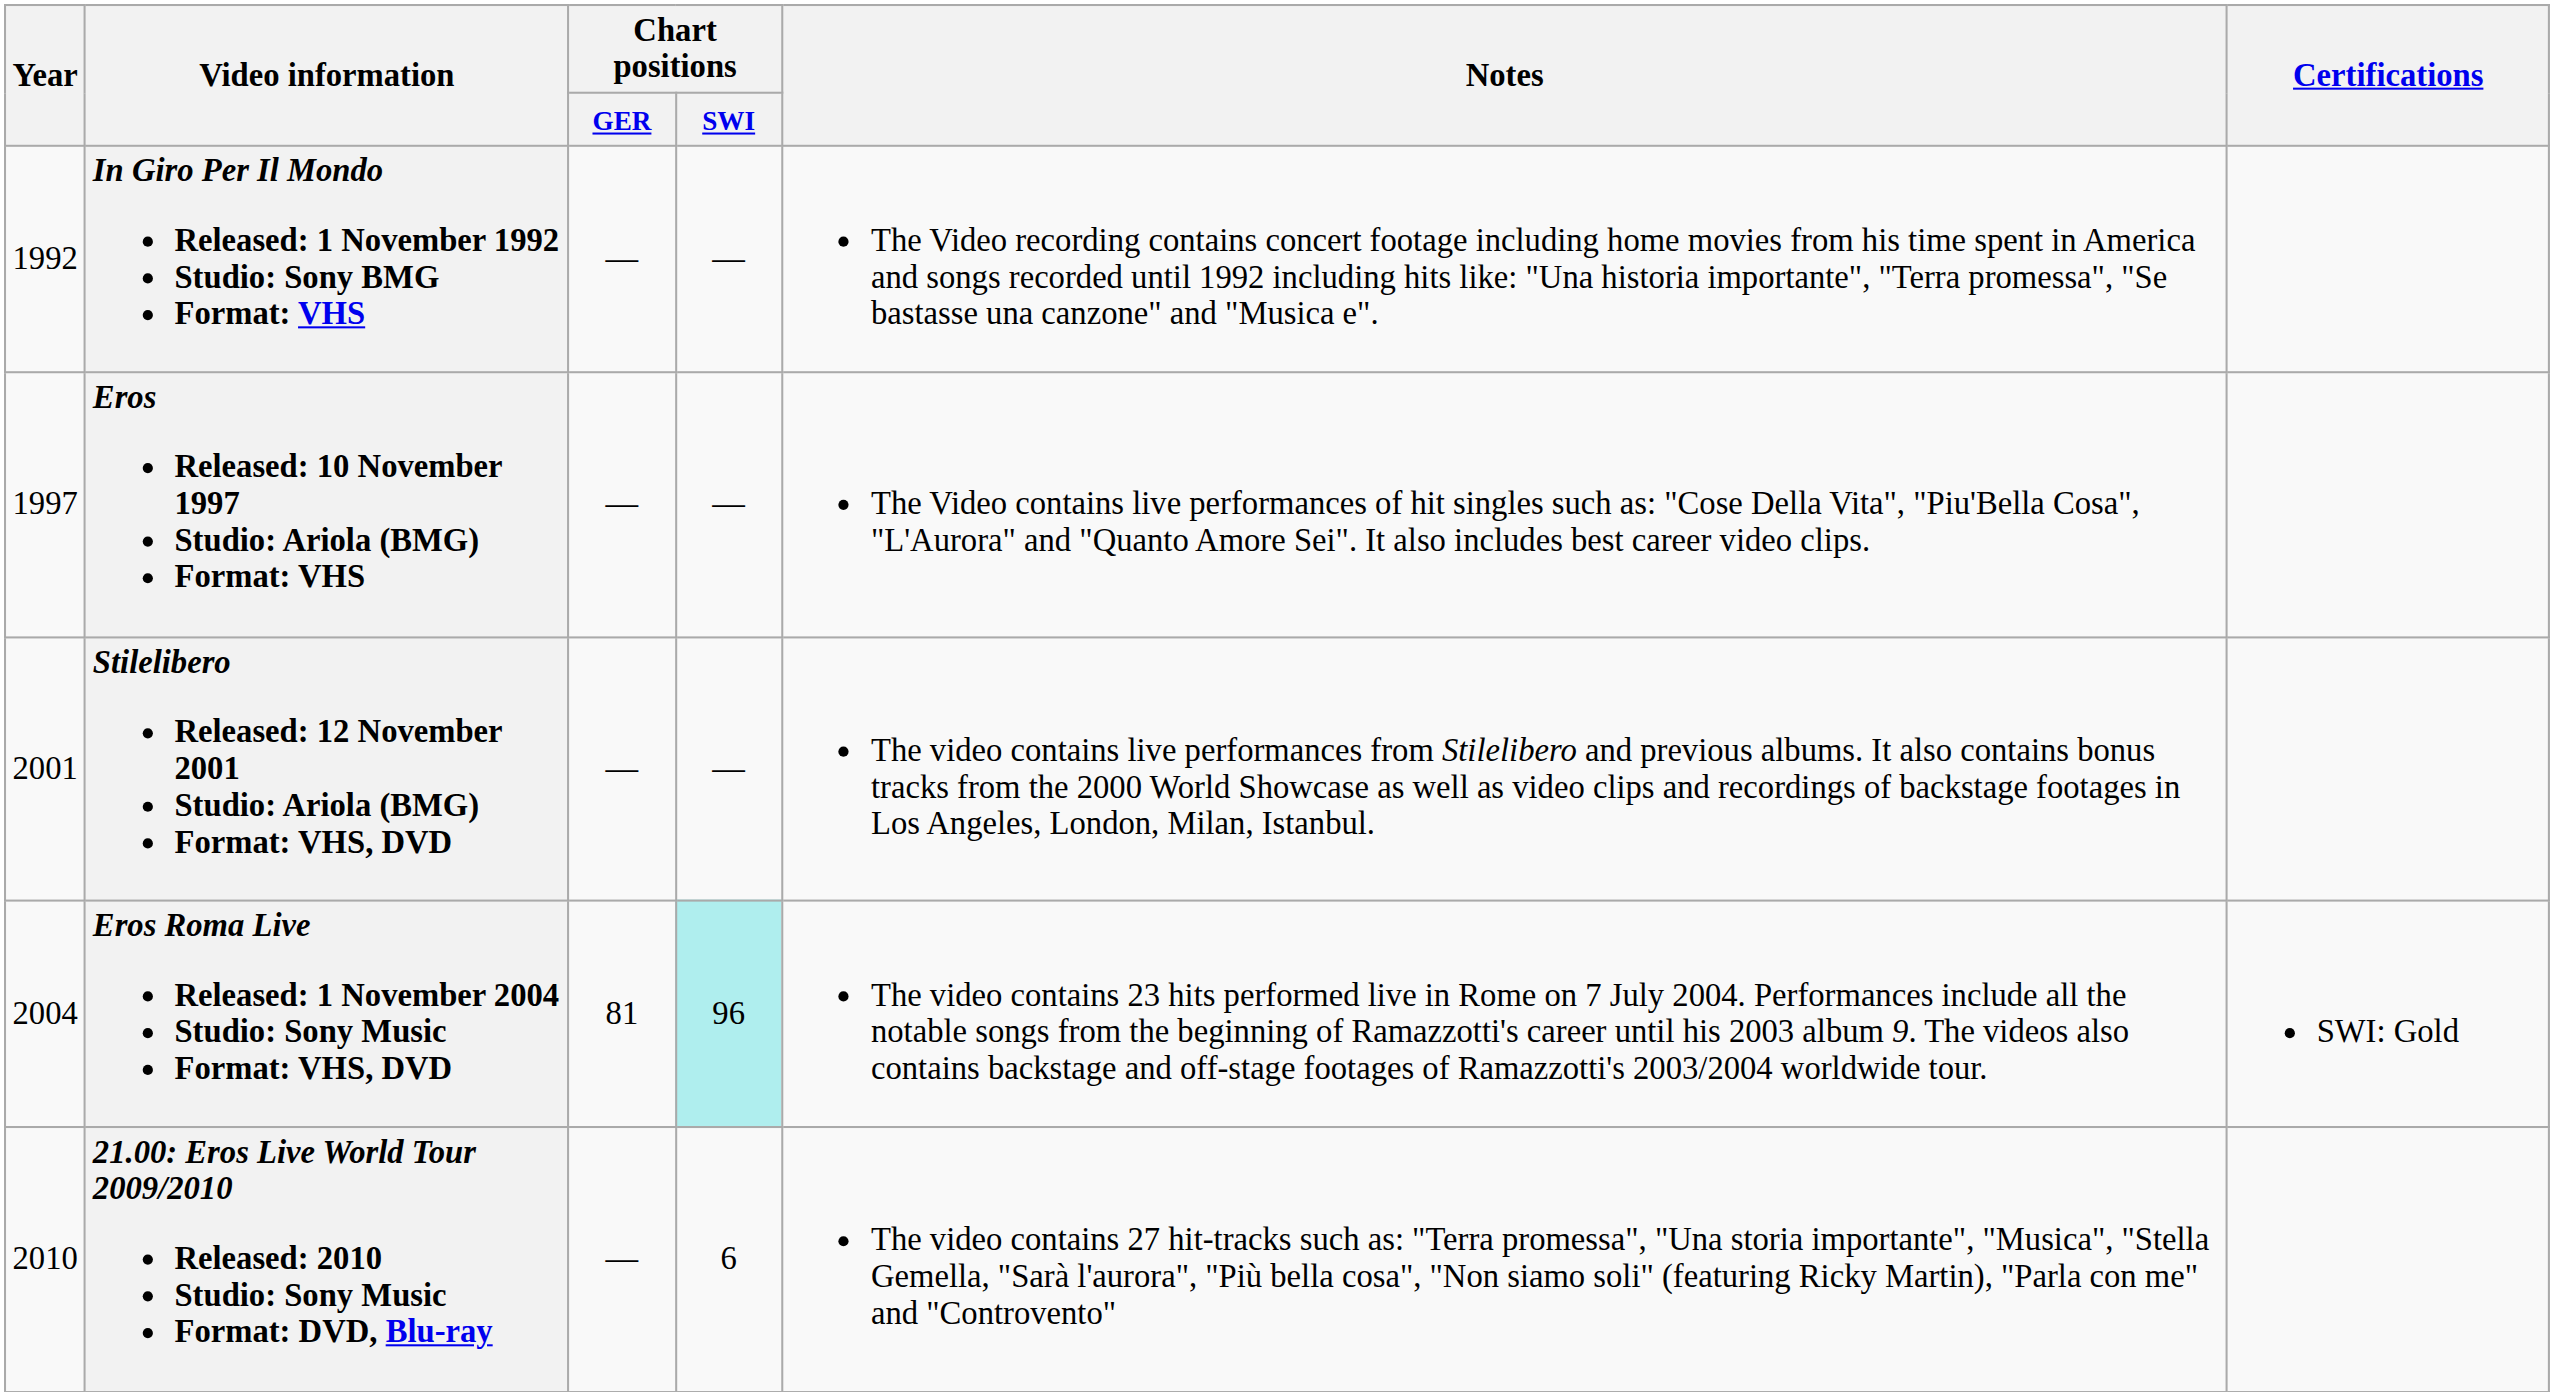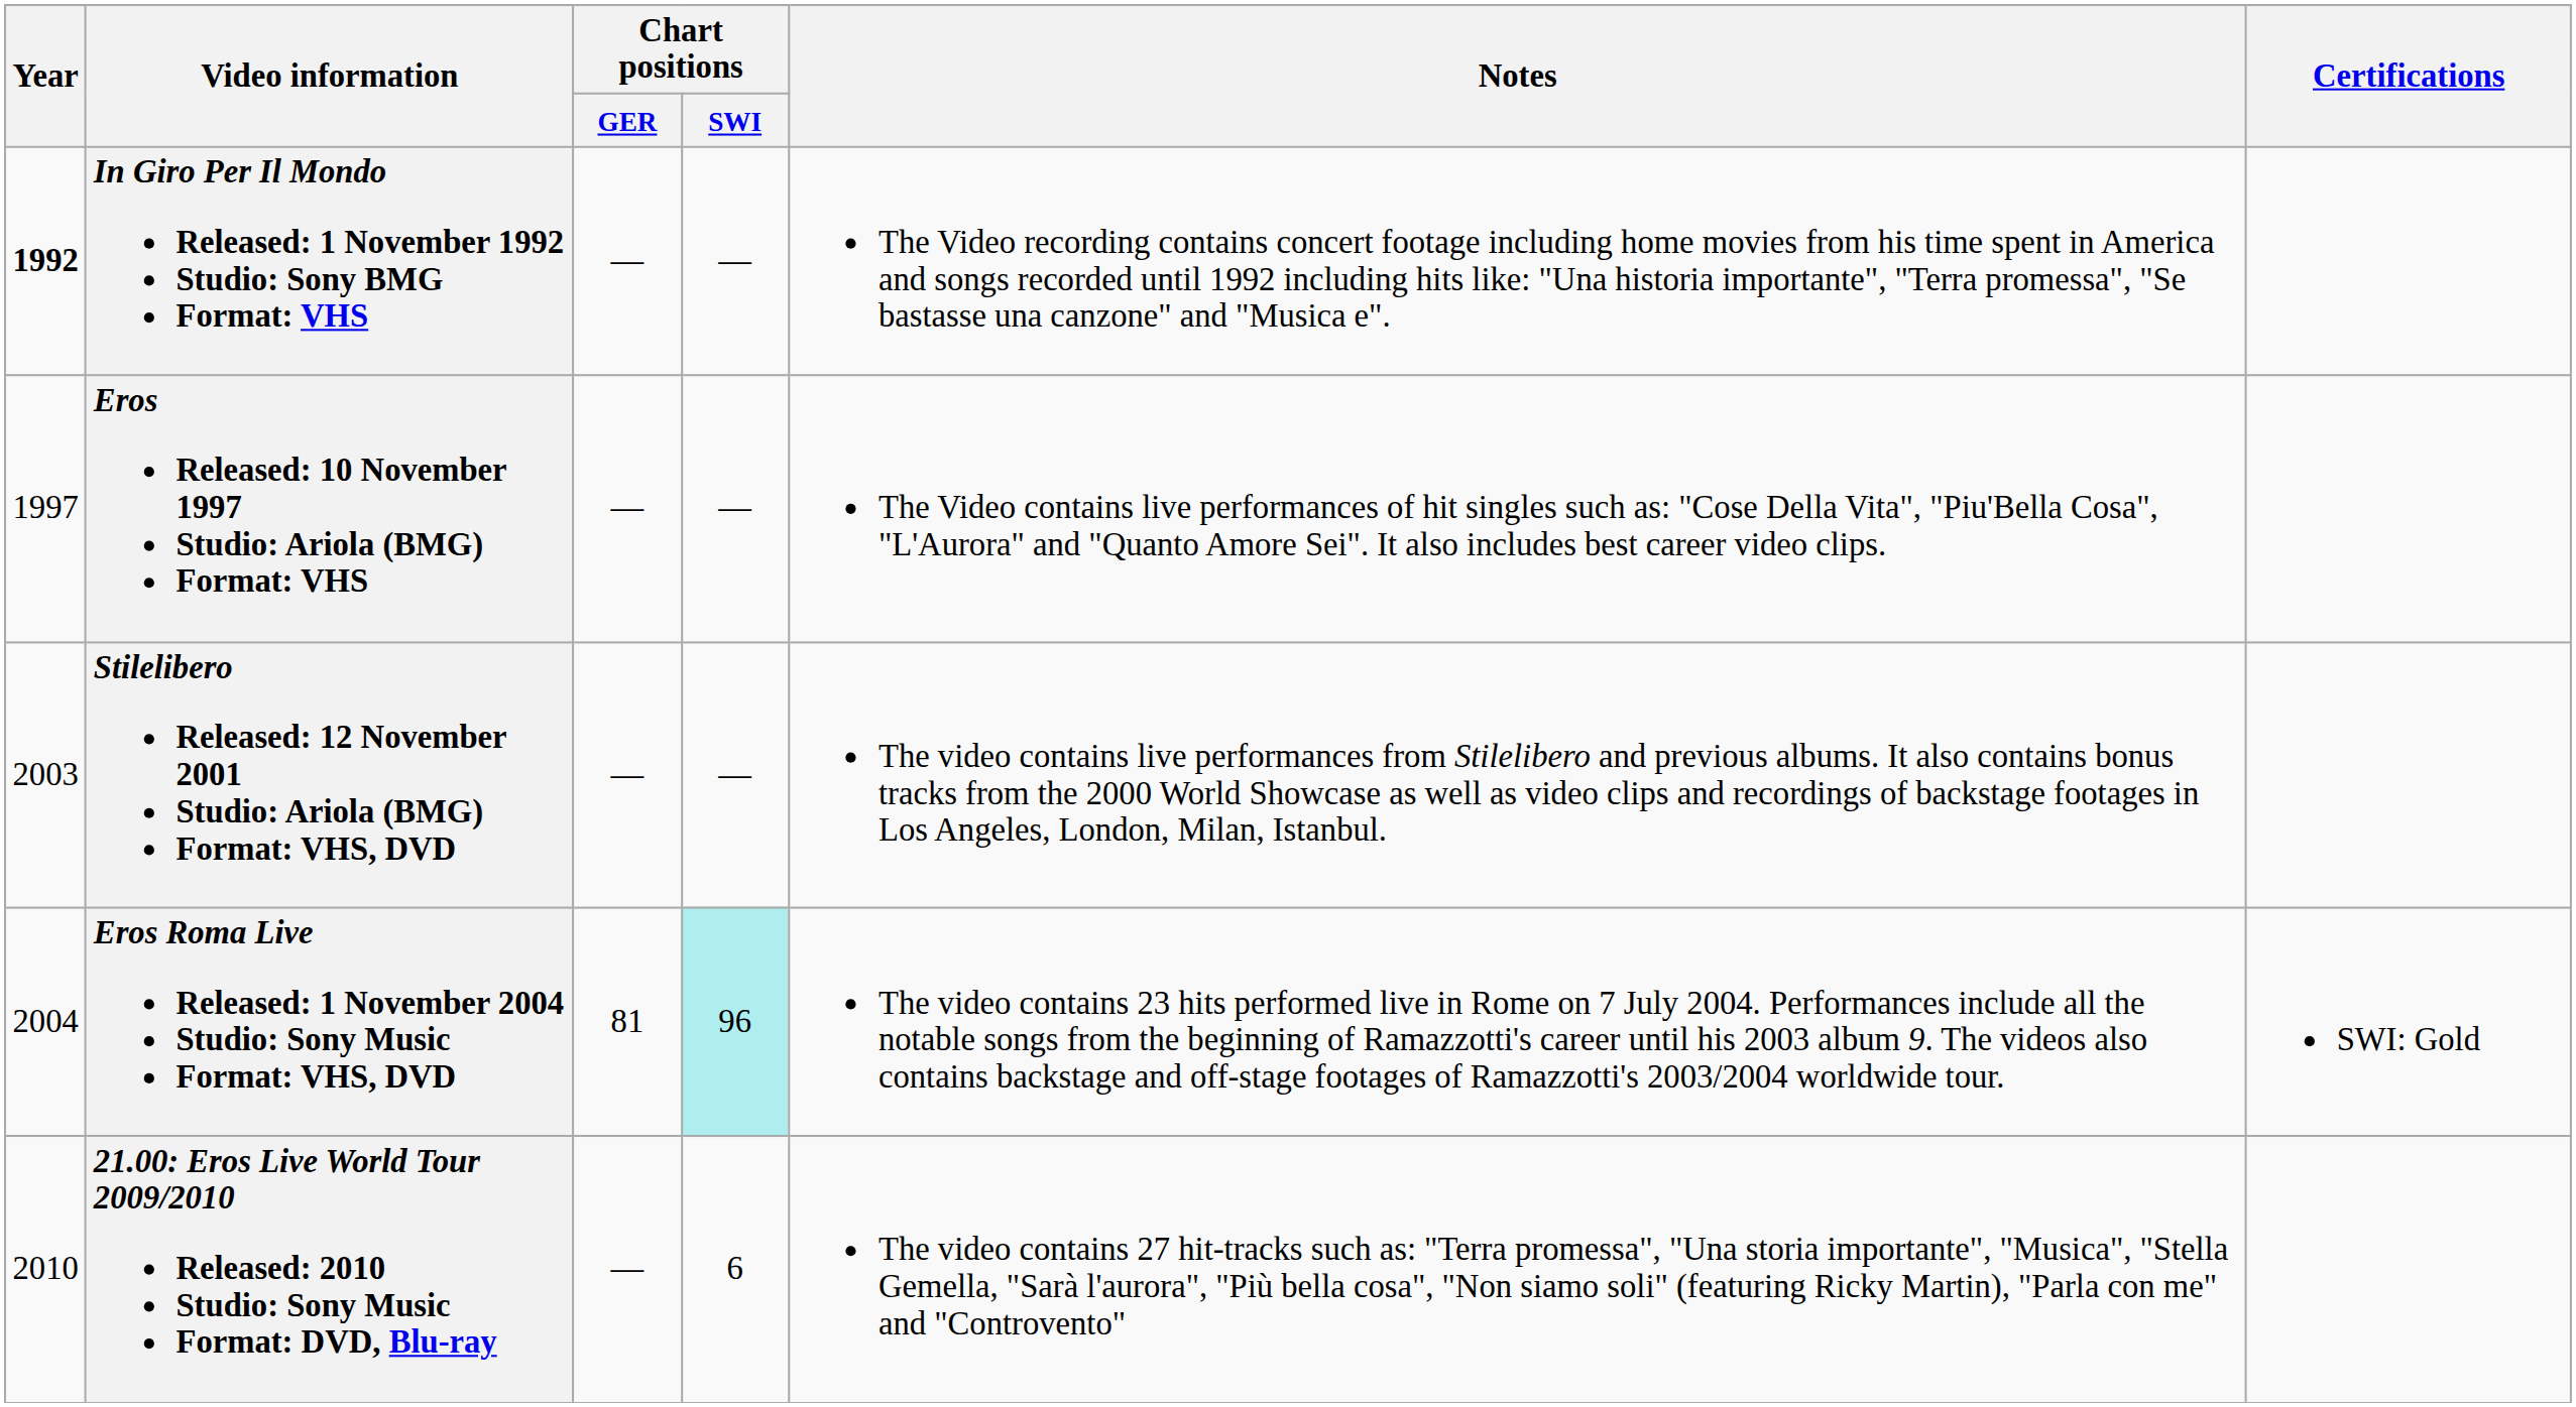 <table class="wikitable plainrowheaders" style="text-align:center;">
 <tr>
 <th rowspan="2">Year</th>
 <th rowspan="2" width="250">Video information</th>
 <th colspan="2">Chart positions</th>
 <th rowspan="2" style="width:50em;">Notes</th>
 <th rowspan="2" style="width:10em;"><a href='#'>Certifications</a></th>
 </tr>
 <tr>
 <th style="width:3em"><small><a href='#'>GER</a></small><br></th>
 <th style="width:3em"><small><a href='#'>SWI</a></small><br></th>
 </tr>
 <tr>
-<td>1992</td>
+<td><strong>1992</strong></td>
 <th scope="row" style="text-align:left;"><em>In Giro Per Il Mondo</em><br><ul><li>Released: 1 November 1992</li><li>Studio: Sony BMG</li><li>Format: <a href='#'>VHS</a></li></ul></th>
 <td>—</td>
 <td>—</td>
 <td style="text-align:left;"><br><ul><li>The Video recording contains concert footage including home movies from his time spent in America and songs recorded until 1992 including hits like: "Una historia importante", "Terra promessa", "Se bastasse una canzone" and "Musica e".</li></ul></td>
 <td style="text-align:left;"></td>
 </tr>
 <tr>
 <td>1997</td>
 <th scope="row" style="text-align:left;"><em>Eros</em><br><ul><li>Released: 10 November 1997</li><li>Studio: Ariola (BMG)</li><li>Format: VHS</li></ul></th>
 <td>—</td>
 <td>—</td>
 <td style="text-align:left;"><br><ul><li>The Video contains live performances of hit singles such as: "Cose Della Vita", "Piu'Bella Cosa", "L'Aurora" and "Quanto Amore Sei". It also includes best career video clips.</li></ul></td>
 <td style="text-align:left;"></td>
 </tr>
 <tr>
-<td>2001</td>
+<td>2003</td>
 <th scope="row" style="text-align:left;"><em>Stilelibero</em><br><ul><li>Released: 12 November 2001</li><li>Studio: Ariola (BMG)</li><li>Format: VHS, DVD</li></ul></th>
 <td>—</td>
 <td>—</td>
 <td style="text-align:left;"><br><ul><li>The video contains live performances from <em>Stilelibero</em> and previous albums. It also contains bonus tracks from the 2000 World Showcase as well as video clips and recordings of backstage footages in Los Angeles, London, Milan, Istanbul.</li></ul></td>
 <td style="text-align:left;"></td>
 </tr>
 <tr>
 <td>2004</td>
 <th scope="row" style="text-align:left;"><em>Eros Roma Live</em><br><ul><li>Released: 1 November 2004</li><li>Studio: Sony Music</li><li>Format: VHS, DVD</li></ul></th>
 <td>81</td>
 <td style="background: paleturquoise;">96</td>
 <td style="text-align:left;"><br><ul><li>The video contains 23 hits performed live in Rome on 7 July 2004. Performances include all the notable songs from the beginning of Ramazzotti's career until his 2003 album <em>9</em>. The videos also contains backstage and off-stage footages of Ramazzotti's 2003/2004 worldwide tour.</li></ul></td>
 <td style="text-align:left;"><br><ul><li>SWI: Gold</li></ul></td>
 </tr>
 <tr>
 <td>2010</td>
 <th scope="row" style="text-align:left;"><em>21.00: Eros Live World Tour 2009/2010</em><br><ul><li>Released: 2010</li><li>Studio: Sony Music</li><li>Format: DVD, <a href='#'>Blu-ray</a></li></ul></th>
 <td>—</td>
 <td>6</td>
 <td style="text-align:left;"><br><ul><li>The video contains 27 hit-tracks such as: "Terra promessa", "Una storia importante", "Musica", "Stella Gemella, "Sarà l'aurora", "Più bella cosa", "Non siamo soli" (featuring Ricky Martin), "Parla con me" and "Controvento"</li></ul></td>
 <td style="text-align:left;"></td>
 </tr>
 <tr>
 </tr>
 </table>
